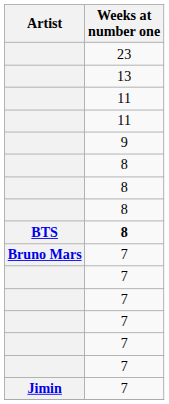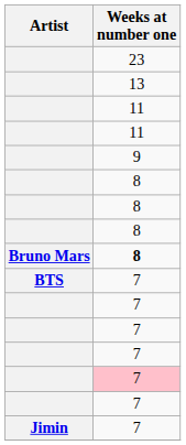 <table class="wikitable plainrowheaders sortable">
 <tr>
 <th scope=col>Artist</th>
 <th scope=col>Weeks at<br>number one</th>
 </tr>
 <tr>
 <th scope=row></th>
 <td align=center>23</td>
 </tr>
 <tr>
 <th scope=row></th>
 <td align=center>13</td>
 </tr>
 <tr>
 <th scope=row></th>
 <td align=center>11</td>
 </tr>
 <tr>
 <th scope=row></th>
 <td align=center>11</td>
 </tr>
 <tr>
 <th scope=row></th>
 <td align=center>9</td>
 </tr>
 <tr>
 <th scope=row></th>
 <td align=center>8</td>
 </tr>
 <tr>
 <th scope=row></th>
 <td align=center>8</td>
 </tr>
 <tr>
 <th scope=row></th>
 <td align=center>8</td>
 </tr>
 <tr>
-<th scope=row><a href='#'>BTS</a></th>
+<th scope=row><a href='#'>Bruno Mars</a></th>
 <td align=center><strong>8</strong></td>
 </tr>
 <tr>
-<th scope=row><a href='#'>Bruno Mars</a></th>
+<th scope=row><a href='#'>BTS</a></th>
 <td align=center>7</td>
 </tr>
 <tr>
 <th scope=row></th>
 <td align=center>7</td>
 </tr>
 <tr>
 <th scope=row></th>
 <td align=center>7</td>
 </tr>
 <tr>
 <th scope=row></th>
 <td align=center>7</td>
 </tr>
 <tr>
 <th scope=row></th>
-<td align=center>7</td>
+<td align=center style="background: pink;">7</td>
 </tr>
 <tr>
 <th scope=row></th>
 <td align=center>7</td>
 </tr>
 <tr>
 <th scope=row><a href='#'>Jimin</a></th>
 <td align=center>7</td>
 </tr>
 <tr>
 </tr>
 </table>
